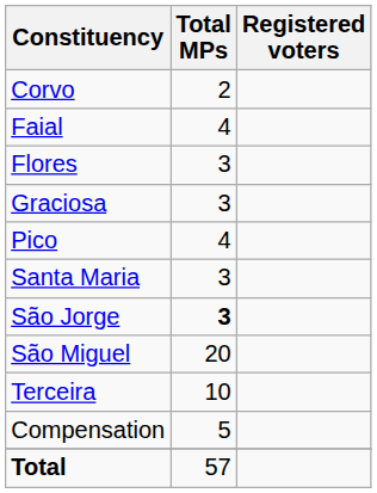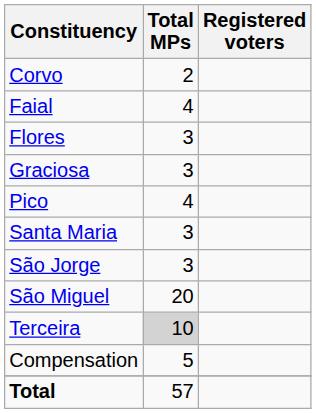 <table class="wikitable sortable" style="text-align:right">
 <tr>
 <th>Constituency</th>
 <th>Total<br>MPs</th>
 <th>Registered<br>voters</th>
 </tr>
 <tr>
 <td align="left"><a href='#'>Corvo</a></td>
 <td>2</td>
 <td></td>
 </tr>
 <tr>
 <td align="left"><a href='#'>Faial</a></td>
 <td>4</td>
 <td></td>
 </tr>
 <tr>
 <td align="left"><a href='#'>Flores</a></td>
 <td>3</td>
 <td></td>
 </tr>
 <tr>
 <td align="left"><a href='#'>Graciosa</a></td>
 <td>3</td>
 <td></td>
 </tr>
 <tr>
 <td align="left"><a href='#'>Pico</a></td>
 <td>4</td>
 <td></td>
 </tr>
 <tr>
 <td align="left"><a href='#'>Santa Maria</a></td>
 <td>3</td>
 <td></td>
 </tr>
 <tr>
 <td align="left"><a href='#'>São Jorge</a></td>
-<td><strong>3</strong></td>
+<td>3</td>
 <td></td>
 </tr>
 <tr>
 <td align="left"><a href='#'>São Miguel</a></td>
 <td>20</td>
 <td></td>
 </tr>
 <tr>
 <td align="left"><a href='#'>Terceira</a></td>
-<td>10</td>
+<td style="background: lightgrey;">10</td>
 <td></td>
 </tr>
 <tr>
 <td align="left">Compensation</td>
 <td>5</td>
 <td></td>
 </tr>
 <tr>
 </tr>
 <tr>
 <td align="left"><strong>Total</strong></td>
 <td>57</td>
 <td></td>
 </tr>
 </table>
